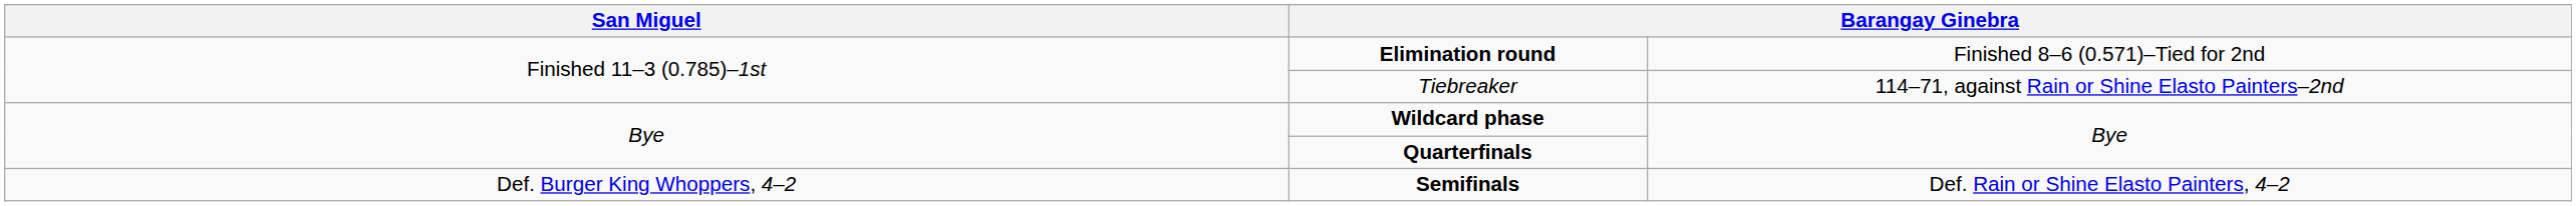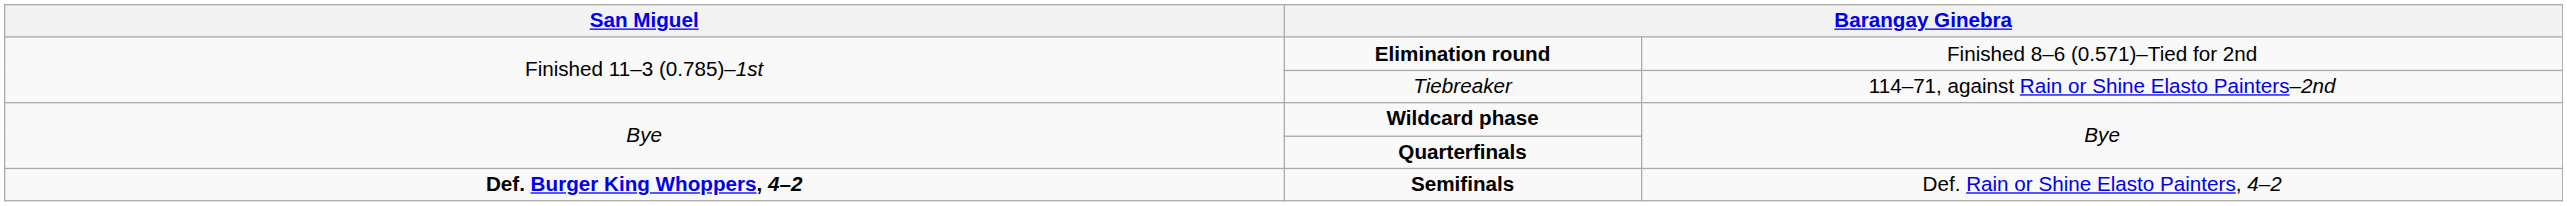 <table class=wikitable width=100%>
 <tr align=center>
 <th colspan=2 width=45%><a href='#'>San Miguel</a></th>
 <th colspan=2 width=45%><a href='#'>Barangay Ginebra</a></th>
 </tr>
 <tr align=center>
 <td rowspan=2>Finished 11–3 (0.785)–<em>1st</em></td>
 <td colspan=2><strong>Elimination round</strong></td>
 <td>Finished 8–6 (0.571)–Tied for 2nd</td>
 </tr>
 <tr align=center>
 <td colspan=2><em>Tiebreaker</em></td>
 <td>114–71, against <a href='#'>Rain or Shine Elasto Painters</a>–<em>2nd</em></td>
 </tr>
 <tr align=center>
 <td rowspan=2><em>Bye</em></td>
 <td colspan=2><strong>Wildcard phase</strong></td>
 <td rowspan=2><em>Bye</em></td>
 </tr>
 <tr align=center>
 <td colspan=2><strong>Quarterfinals</strong></td>
 </tr>
 <tr align=center>
-<td>Def. <a href='#'>Burger King Whoppers</a>, <em>4–2</em></td>
+<td><strong>Def. <a href='#'>Burger King Whoppers</a>, <em>4–2</em></strong></td>
 <td colspan=2><strong>Semifinals</strong></td>
 <td>Def. <a href='#'>Rain or Shine Elasto Painters</a>, <em>4–2</em></td>
 </tr>
 </table>
